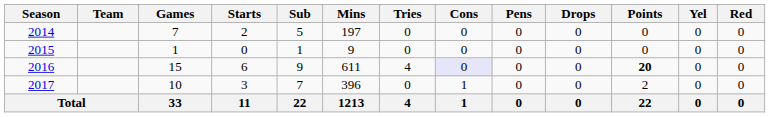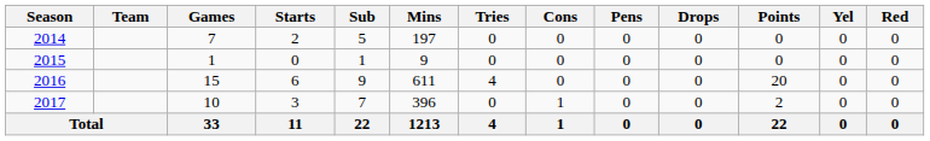 <table class="wikitable" style="text-align:center; line-height:90%; font-size:95%; width:70%;">
 <tr>
 <th>Season</th>
 <th>Team</th>
 <th>Games</th>
 <th>Starts</th>
 <th>Sub</th>
 <th>Mins</th>
 <th>Tries</th>
 <th>Cons</th>
 <th>Pens</th>
 <th>Drops</th>
 <th>Points</th>
 <th>Yel</th>
 <th>Red</th>
 </tr>
 <tr>
 <td><a href='#'>2014</a></td>
 <td></td>
 <td>7</td>
 <td>2</td>
 <td>5</td>
 <td>197</td>
 <td>0</td>
 <td>0</td>
 <td>0</td>
 <td>0</td>
 <td>0</td>
 <td>0</td>
 <td>0</td>
 </tr>
 <tr>
 <td><a href='#'>2015</a></td>
 <td></td>
 <td>1</td>
 <td>0</td>
 <td>1</td>
 <td>9</td>
 <td>0</td>
 <td>0</td>
 <td>0</td>
 <td>0</td>
 <td>0</td>
 <td>0</td>
 <td>0</td>
 </tr>
 <tr>
 <td><a href='#'>2016</a></td>
 <td></td>
 <td>15</td>
 <td>6</td>
 <td>9</td>
 <td>611</td>
 <td>4</td>
-<td style="background: lavender;">0</td>
 <td>0</td>
 <td>0</td>
-<td><strong>20</strong></td>
+<td>0</td>
+<td>20</td>
 <td>0</td>
 <td>0</td>
 </tr>
 <tr>
 <td><a href='#'>2017</a></td>
 <td></td>
 <td>10</td>
 <td>3</td>
 <td>7</td>
 <td>396</td>
 <td>0</td>
 <td>1</td>
 <td>0</td>
 <td>0</td>
 <td>2</td>
 <td>0</td>
 <td>0</td>
 </tr>
 <tr>
 <th colspan="2">Total</th>
 <th>33</th>
 <th>11</th>
 <th>22</th>
 <th>1213</th>
 <th>4</th>
 <th>1</th>
 <th>0</th>
 <th>0</th>
 <th>22</th>
 <th>0</th>
 <th>0</th>
 </tr>
 </table>
